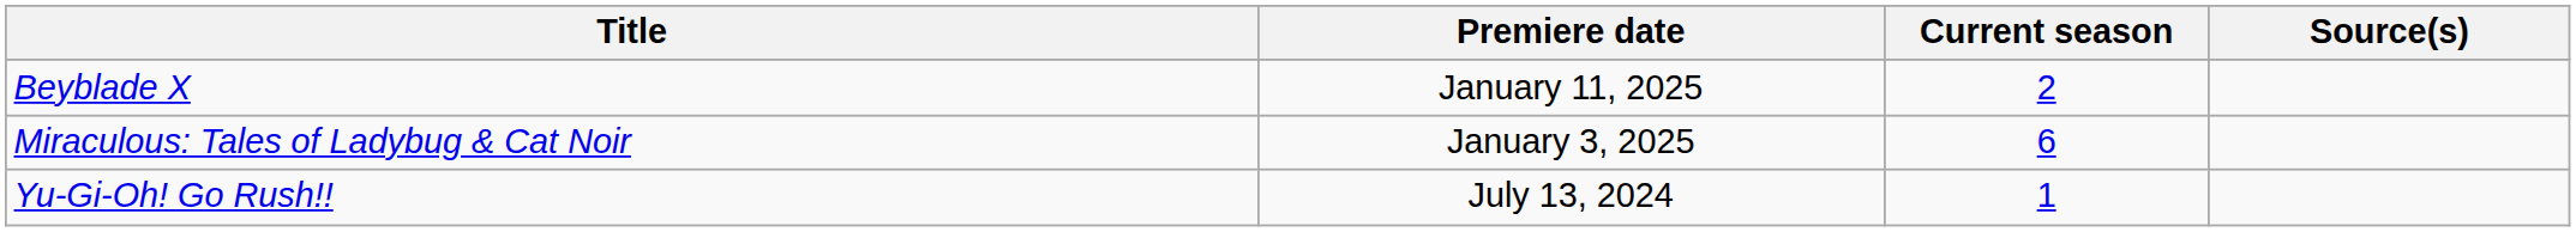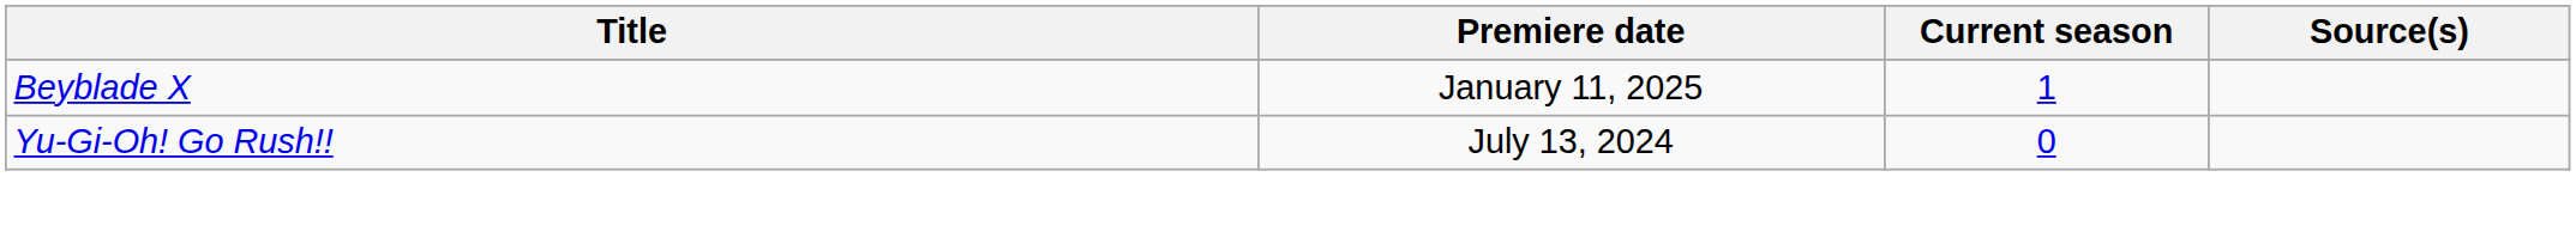 <table class="wikitable plainrowheaders sortable" style="width:75%;text-align:center;">
 <tr>
 <th scope="col" style="width:20%;">Title</th>
 <th scope="col" style="width:10%;">Premiere date</th>
 <th class="unsortable" style="width:5%;">Current season</th>
 <th class="unsortable" style="width:5%;">Source(s)</th>
 </tr>
 <tr>
 <td scope="row" style="text-align:left;"><em><a href='#'>Beyblade X</a></em></td>
 <td>January 11, 2025</td>
-<td><a href='#'>2</a></td>
-<td></td>
-</tr>
-<tr>
-<td scope="row" style="text-align:left;"><em><a href='#'>Miraculous: Tales of Ladybug & Cat Noir</a></em></td>
-<td>January 3, 2025</td>
-<td><a href='#'>6</a></td>
+<td><a href='#'>1</a></td>
 <td></td>
 </tr>
 <tr>
 <td scope="row" style="text-align:left;"><em><a href='#'>Yu-Gi-Oh! Go Rush!!</a></em></td>
 <td>July 13, 2024</td>
-<td><a href='#'>1</a></td>
+<td><a href='#'>0</a></td>
 </tr>
 </table>
